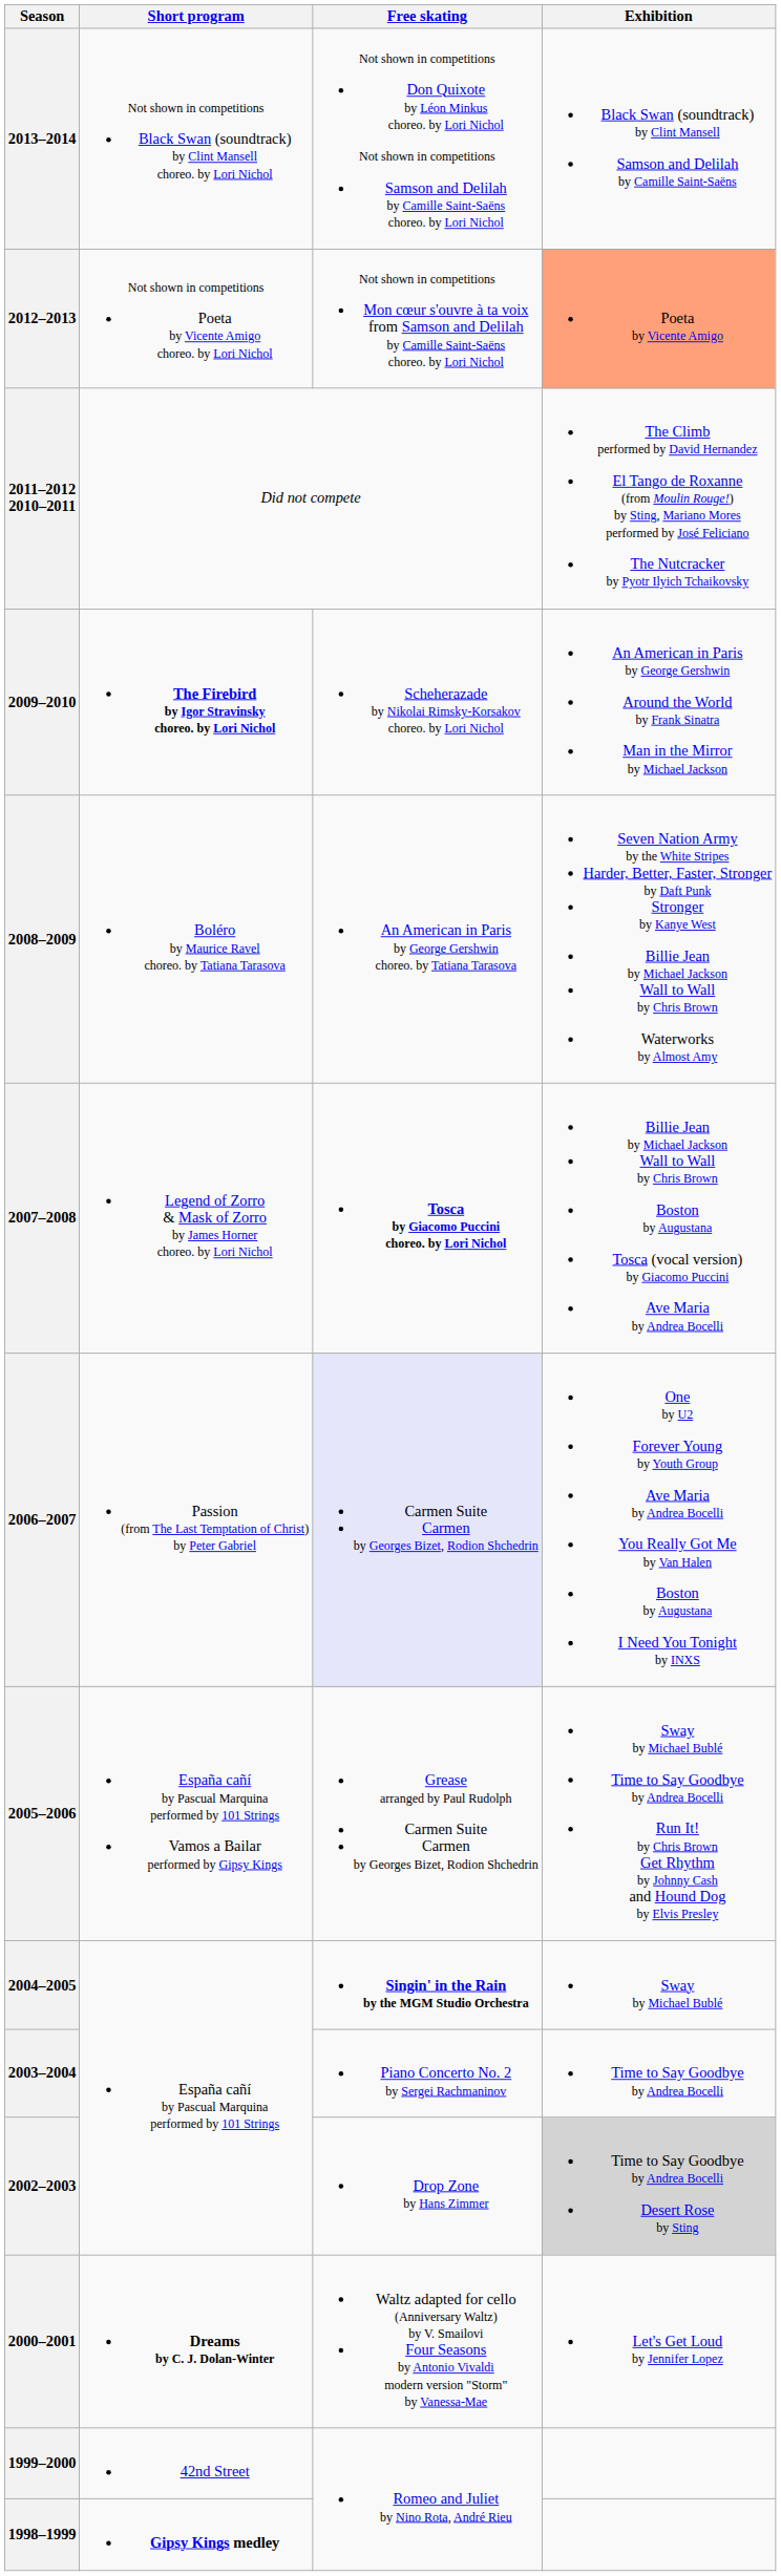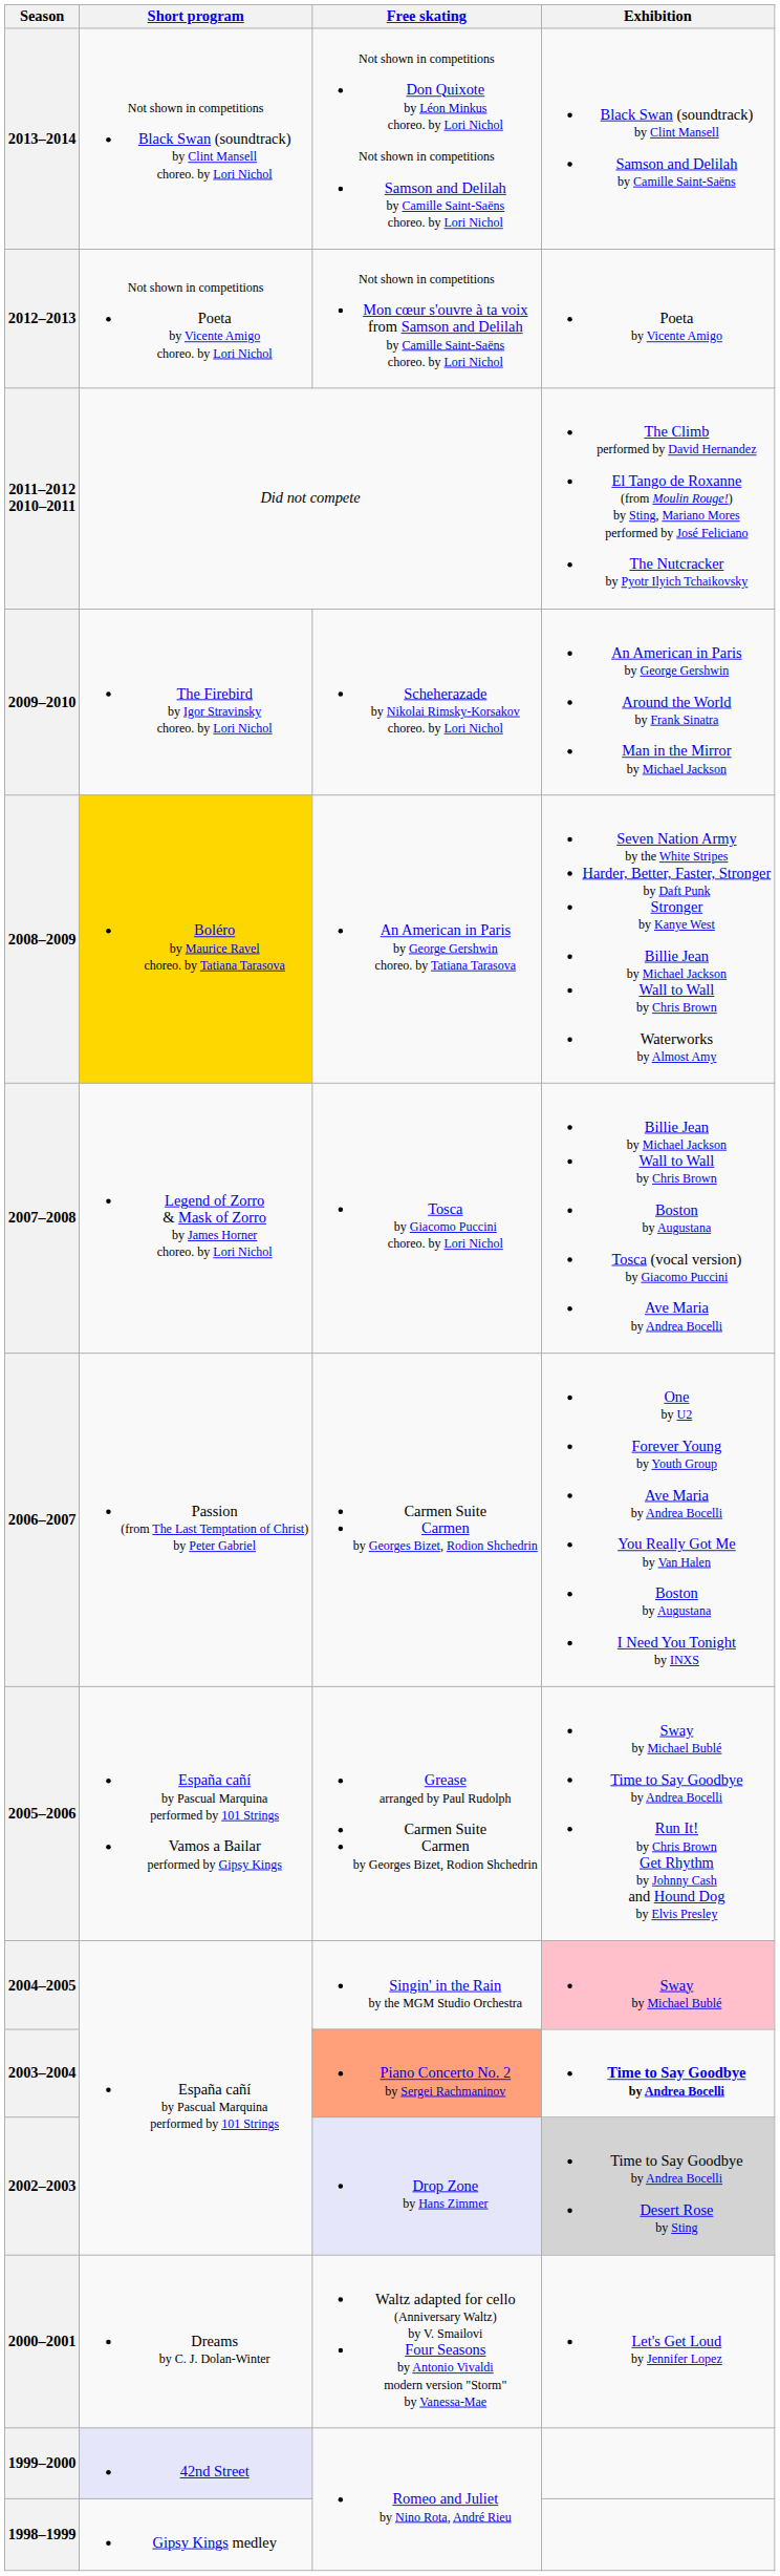 <table class="wikitable" style="text-align:center">
 <tr>
 <th>Season</th>
 <th><a href='#'>Short program</a></th>
 <th><a href='#'>Free skating</a></th>
 <th>Exhibition</th>
 </tr>
 <tr>
 <th>2013–2014 <br></th>
 <td><br><small>Not shown in competitions</small><ul><li><a href='#'>Black Swan</a> (soundtrack) <br><small> by <a href='#'>Clint Mansell</a> <br> choreo. by  <a href='#'>Lori Nichol</a> </small></li></ul></td>
 <td><br><small>Not shown in competitions</small><ul><li><a href='#'>Don Quixote</a> <br><small> by <a href='#'>Léon Minkus</a> <br> choreo. by  <a href='#'>Lori Nichol</a> </small></li></ul><small>Not shown in competitions</small><ul><li><a href='#'>Samson and Delilah</a> <br><small> by <a href='#'>Camille Saint-Saëns</a> <br> choreo. by  <a href='#'>Lori Nichol</a> </small></li></ul></td>
 <td><br><ul><li><a href='#'>Black Swan</a> (soundtrack) <br><small> by <a href='#'>Clint Mansell</a> </small></li></ul><ul><li><a href='#'>Samson and Delilah</a> <br><small> by <a href='#'>Camille Saint-Saëns</a> </small></li></ul></td>
 </tr>
 <tr>
 <th>2012–2013 <br></th>
 <td><br><small>Not shown in competitions</small><ul><li>Poeta <br><small> by <a href='#'>Vicente Amigo</a> <br> choreo. by  <a href='#'>Lori Nichol</a> </small></li></ul></td>
 <td><br><small>Not shown in competitions</small><ul><li><a href='#'>Mon cœur s'ouvre à ta voix</a> <br> from <a href='#'>Samson and Delilah</a> <br><small> by <a href='#'>Camille Saint-Saëns</a>  <br> choreo. by  <a href='#'>Lori Nichol</a>  </small></li></ul></td>
-<td style="background: lightsalmon;"><br><ul><li>Poeta <br><small> by <a href='#'>Vicente Amigo</a></small></li></ul></td>
+<td><br><ul><li>Poeta <br><small> by <a href='#'>Vicente Amigo</a></small></li></ul></td>
 </tr>
 <tr>
 <th>2011–2012 <br> 2010–2011 <br></th>
 <td align=centre colspan=2><em>Did not compete</em></td>
 <td><br><ul><li><a href='#'>The Climb</a> <br><small> performed by <a href='#'>David Hernandez</a></small></li></ul><ul><li><a href='#'>El Tango de Roxanne</a> <br><small>(from <em><a href='#'>Moulin Rouge!</a></em>) <br>by <a href='#'>Sting</a>, <a href='#'>Mariano Mores</a> <br>performed by <a href='#'>José Feliciano</a></small></li></ul><ul><li><a href='#'>The Nutcracker</a> <br><small> by <a href='#'>Pyotr Ilyich Tchaikovsky</a></small></li></ul></td>
 </tr>
 <tr>
 <th>2009–2010 <br></th>
-<td><strong><br><ul><li><a href='#'>The Firebird</a> <br><small> by <a href='#'>Igor Stravinsky</a>  <br> choreo. by  <a href='#'>Lori Nichol</a>  </small></li></ul></strong></td>
+<td><br><ul><li><a href='#'>The Firebird</a> <br><small> by <a href='#'>Igor Stravinsky</a>  <br> choreo. by  <a href='#'>Lori Nichol</a>  </small></li></ul></td>
 <td><br><ul><li><a href='#'>Scheherazade</a> <br><small> by <a href='#'>Nikolai Rimsky-Korsakov</a>  <br> choreo. by  <a href='#'>Lori Nichol</a>  </small></li></ul></td>
 <td><br><ul><li><a href='#'>An American in Paris</a> <br><small> by <a href='#'>George Gershwin</a> </small></li></ul><ul><li><a href='#'>Around the World</a> <br><small> by <a href='#'>Frank Sinatra</a> </small></li></ul><ul><li><a href='#'>Man in the Mirror</a> <br><small> by <a href='#'>Michael Jackson</a> </small></li></ul></td>
 </tr>
 <tr>
 <th>2008–2009 <br></th>
-<td><br><ul><li><a href='#'>Boléro</a> <br><small> by <a href='#'>Maurice Ravel</a>  <br> choreo. by  <a href='#'>Tatiana Tarasova</a>  </small></li></ul></td>
+<td style="background: gold;"><br><ul><li><a href='#'>Boléro</a> <br><small> by <a href='#'>Maurice Ravel</a>  <br> choreo. by  <a href='#'>Tatiana Tarasova</a>  </small></li></ul></td>
 <td><br><ul><li><a href='#'>An American in Paris</a> <br><small> by <a href='#'>George Gershwin</a>  <br> choreo. by  <a href='#'>Tatiana Tarasova</a>  </small></li></ul></td>
 <td><br><ul><li><a href='#'>Seven Nation Army</a> <br><small> by the <a href='#'>White Stripes</a> </small></li><li><a href='#'>Harder, Better, Faster, Stronger</a> <br><small> by <a href='#'>Daft Punk</a> </small></li><li><a href='#'>Stronger</a> <br><small> by <a href='#'>Kanye West</a> </small></li></ul><ul><li><a href='#'>Billie Jean</a> <br><small> by <a href='#'>Michael Jackson</a> </small></li><li><a href='#'>Wall to Wall</a> <br><small>by <a href='#'>Chris Brown</a> </small></li></ul><ul><li>Waterworks <br><small> by <a href='#'>Almost Amy</a> </small></li></ul></td>
 </tr>
 <tr>
 <th>2007–2008 <br></th>
 <td><br><ul><li><a href='#'>Legend of Zorro</a> <br>& <a href='#'>Mask of Zorro</a> <br><small> by <a href='#'>James Horner</a>  <br> choreo. by  <a href='#'>Lori Nichol</a>  </small></li></ul></td>
-<td><strong><br><ul><li><a href='#'>Tosca</a> <br><small>by <a href='#'>Giacomo Puccini</a>  <br> choreo. by  <a href='#'>Lori Nichol</a> </small></li></ul></strong></td>
+<td><br><ul><li><a href='#'>Tosca</a> <br><small>by <a href='#'>Giacomo Puccini</a>  <br> choreo. by  <a href='#'>Lori Nichol</a> </small></li></ul></td>
 <td><br><ul><li><a href='#'>Billie Jean</a> <br><small> by <a href='#'>Michael Jackson</a> </small></li><li><a href='#'>Wall to Wall</a> <br><small> by <a href='#'>Chris Brown</a> </small></li></ul><ul><li><a href='#'>Boston</a> <br><small> by <a href='#'>Augustana</a> </small></li></ul><ul><li><a href='#'>Tosca</a> (vocal version) <br><small> by <a href='#'>Giacomo Puccini</a></small></li></ul><ul><li><a href='#'>Ave Maria</a> <br><small> by <a href='#'>Andrea Bocelli</a> </small></li></ul></td>
 </tr>
 <tr>
 <th>2006–2007 <br></th>
 <td><br><ul><li>Passion <br><small> (from <a href='#'>The Last Temptation of Christ</a>) <br> by <a href='#'>Peter Gabriel</a> </small></li></ul></td>
-<td style="background: lavender;"><br><ul><li>Carmen Suite</li><li><a href='#'>Carmen</a> <br><small> by <a href='#'>Georges Bizet</a>, <a href='#'>Rodion Shchedrin</a> </small></li></ul></td>
+<td><br><ul><li>Carmen Suite</li><li><a href='#'>Carmen</a> <br><small> by <a href='#'>Georges Bizet</a>, <a href='#'>Rodion Shchedrin</a> </small></li></ul></td>
 <td><br><ul><li><a href='#'>One</a> <br><small> by <a href='#'>U2</a> </small></li></ul><ul><li><a href='#'>Forever Young</a> <br><small> by <a href='#'>Youth Group</a> </small></li></ul><ul><li><a href='#'>Ave Maria</a> <br><small> by <a href='#'>Andrea Bocelli</a> </small></li></ul><ul><li><a href='#'>You Really Got Me</a> <br><small> by <a href='#'>Van Halen</a> </small></li></ul><ul><li><a href='#'>Boston</a> <br> <small> by <a href='#'>Augustana</a> </small></li></ul><ul><li><a href='#'>I Need You Tonight</a> <br><small> by <a href='#'>INXS</a> </small></li></ul></td>
 </tr>
 <tr>
 <th>2005–2006 <br></th>
 <td><br><ul><li><a href='#'>España cañí</a> <br><small> by Pascual Marquina <br> performed by <a href='#'>101 Strings</a> </small></li></ul><ul><li>Vamos a Bailar <br><small> performed by <a href='#'>Gipsy Kings</a> </small></li></ul></td>
 <td><br><ul><li><a href='#'>Grease</a> <br><small> arranged by Paul Rudolph </small></li></ul><ul><li>Carmen Suite</li><li>Carmen <br><small> by Georges Bizet, Rodion Shchedrin </small></li></ul></td>
 <td><br><ul><li><a href='#'>Sway</a> <br><small>by <a href='#'>Michael Bublé</a> </small></li></ul><ul><li><a href='#'>Time to Say Goodbye</a> <br><small>by <a href='#'>Andrea Bocelli</a> </small></li></ul><ul><li><a href='#'>Run It!</a> <br><small> by <a href='#'>Chris Brown</a> </small><br> <a href='#'>Get Rhythm</a> <br><small> by <a href='#'>Johnny Cash</a></small> <br> and <a href='#'>Hound Dog</a> <br><small> by <a href='#'>Elvis Presley</a></small></li></ul></td>
 </tr>
 <tr>
 <th>2004–2005 <br></th>
 <td rowspan="3"><br><ul><li>España cañí <br><small> by Pascual Marquina <br> performed by <a href='#'>101 Strings</a> </small></li></ul></td>
-<td><strong><br><ul><li><a href='#'>Singin' in the Rain</a> <br><small> by the MGM Studio Orchestra </small></li></ul></strong></td>
-<td><br><ul><li><a href='#'>Sway</a> <br><small> by <a href='#'>Michael Bublé</a> </small></li></ul></td>
+<td><br><ul><li><a href='#'>Singin' in the Rain</a> <br><small> by the MGM Studio Orchestra </small></li></ul></td>
+<td style="background: pink;"><br><ul><li><a href='#'>Sway</a> <br><small> by <a href='#'>Michael Bublé</a> </small></li></ul></td>
 </tr>
 <tr>
 <th>2003–2004 <br></th>
-<td><br><ul><li><a href='#'>Piano Concerto No. 2</a> <br><small> by <a href='#'>Sergei Rachmaninov</a> </small></li></ul></td>
-<td><br><ul><li><a href='#'>Time to Say Goodbye</a> <br><small>by <a href='#'>Andrea Bocelli</a> </small></li></ul></td>
+<td style="background: lightsalmon;"><br><ul><li><a href='#'>Piano Concerto No. 2</a> <br><small> by <a href='#'>Sergei Rachmaninov</a> </small></li></ul></td>
+<td><strong><br><ul><li><a href='#'>Time to Say Goodbye</a> <br><small>by <a href='#'>Andrea Bocelli</a> </small></li></ul></strong></td>
 </tr>
 <tr>
 <th>2002–2003 <br></th>
-<td><br><ul><li><a href='#'>Drop Zone</a> <br><small> by <a href='#'>Hans Zimmer</a> </small></li></ul></td>
+<td style="background: lavender;"><br><ul><li><a href='#'>Drop Zone</a> <br><small> by <a href='#'>Hans Zimmer</a> </small></li></ul></td>
 <td style="background: lightgrey;"><br><ul><li>Time to Say Goodbye <br><small> by <a href='#'>Andrea Bocelli</a> </small></li></ul><ul><li><a href='#'>Desert Rose</a> <br><small> by <a href='#'>Sting</a> </small></li></ul></td>
 </tr>
 <tr>
 <th>2000–2001 <br></th>
-<td><strong><br><ul><li>Dreams <br><small> by C. J. Dolan-Winter </small></li></ul></strong></td>
+<td><br><ul><li>Dreams <br><small> by C. J. Dolan-Winter </small></li></ul></td>
 <td><br><ul><li>Waltz adapted for cello <br><small> (Anniversary Waltz) <br> by V. Smailovi </small></li><li><a href='#'>Four Seasons</a> <br><small> by <a href='#'>Antonio Vivaldi</a> <br> modern version "Storm" <br> by <a href='#'>Vanessa-Mae</a> </small></li></ul></td>
 <td><br><ul><li><a href='#'>Let's Get Loud</a> <br><small> by <a href='#'>Jennifer Lopez</a> </small></li></ul></td>
 </tr>
 <tr>
 <th>1999–2000</th>
-<td><br><ul><li><a href='#'>42nd Street</a></li></ul></td>
+<td style="background: lavender;"><br><ul><li><a href='#'>42nd Street</a></li></ul></td>
 <td rowspan="2"><br><ul><li><a href='#'>Romeo and Juliet</a> <br><small> by <a href='#'>Nino Rota</a>, <a href='#'>André Rieu</a> </small></li></ul></td>
 <td></td>
 </tr>
 <tr>
 <th>1998–1999</th>
-<td><strong><br><ul><li><a href='#'>Gipsy Kings</a> medley</li></ul></strong></td>
+<td><br><ul><li><a href='#'>Gipsy Kings</a> medley</li></ul></td>
 <td></td>
 </tr>
 </table>
